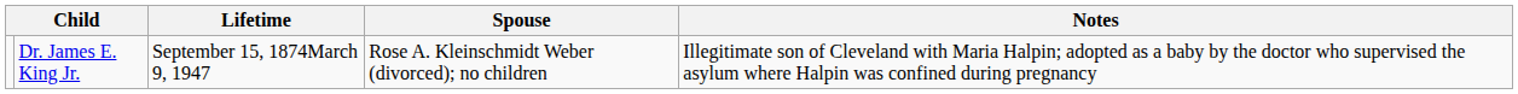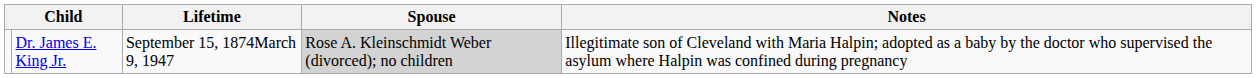 <table class="wikitable">
 <tr>
 <th colspan="2">Child</th>
 <th>Lifetime</th>
 <th>Spouse</th>
 <th>Notes</th>
 </tr>
 <tr>
 <td></td>
 <td><a href='#'>Dr. James E. King Jr.</a><br></td>
 <td>September 15, 1874March 9, 1947</td>
-<td>Rose A. Kleinschmidt Weber (divorced); no children</td>
+<td style="background: lightgrey;">Rose A. Kleinschmidt Weber (divorced); no children</td>
 <td>Illegitimate son of Cleveland with Maria Halpin; adopted as a baby by the doctor who supervised the asylum where Halpin was confined during pregnancy</td>
 </tr>
 </table>
